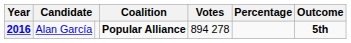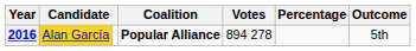 <table class="wikitable" style="text-align:center">
 <tr>
 <th>Year</th>
 <th colspan="2">Candidate</th>
 <th>Coalition</th>
 <th>Votes</th>
 <th>Percentage</th>
 <th>Outcome</th>
 </tr>
 <tr>
 <th><strong><a href='#'>2016</a></strong></th>
-<td><a href='#'>Alan García</a></td>
+<td style="background: gold;"><a href='#'>Alan García</a></td>
 <td></td>
 <td><strong>Popular Alliance</strong><br></td>
 <td>894 278</td>
 <td></td>
-<td><strong>5th</strong></td>
+<td>5th</td>
 </tr>
 </table>
